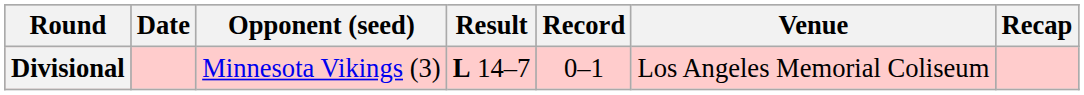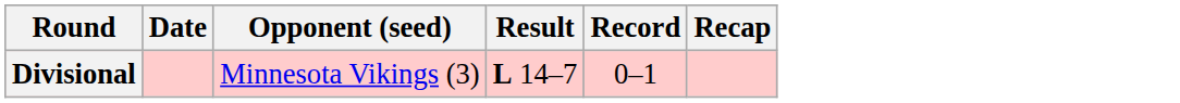 <table class="wikitable" style="text-align:center">
 <tr>
 <th>Round</th>
 <th>Date</th>
 <th>Opponent (seed)</th>
 <th>Result</th>
 <th>Record</th>
-<th>Venue</th>
 <th>Recap</th>
 </tr>
 <tr style="background: #fcc;">
 <th>Divisional</th>
 <td></td>
 <td><a href='#'>Minnesota Vikings</a> (3)</td>
 <td><strong>L</strong> 14–7</td>
 <td>0–1</td>
-<td>Los Angeles Memorial Coliseum</td>
 <td></td>
 </tr>
 </table>
